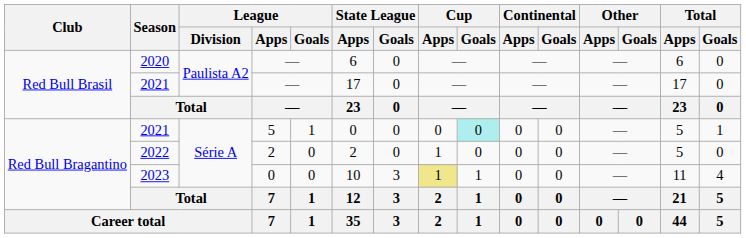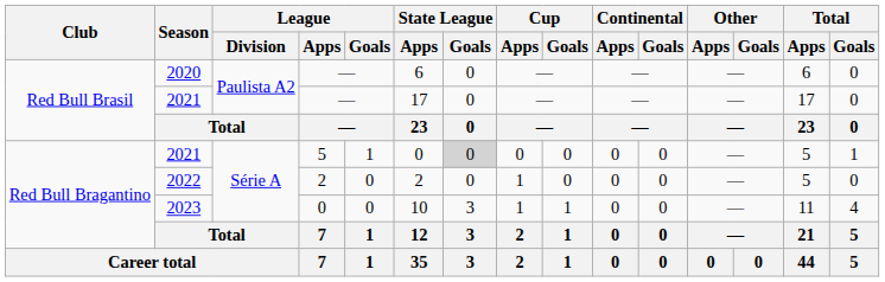 <table class="wikitable" style="text-align: center">
 <tr>
 <th rowspan="2">Club</th>
 <th rowspan="2">Season</th>
 <th colspan="3">League</th>
 <th colspan="2">State League</th>
 <th colspan="2">Cup</th>
 <th colspan="2">Continental</th>
 <th colspan="2">Other</th>
 <th colspan="2">Total</th>
 </tr>
 <tr>
 <th>Division</th>
 <th>Apps</th>
 <th>Goals</th>
 <th>Apps</th>
 <th>Goals</th>
 <th>Apps</th>
 <th>Goals</th>
 <th>Apps</th>
 <th>Goals</th>
 <th>Apps</th>
 <th>Goals</th>
 <th>Apps</th>
 <th>Goals</th>
 </tr>
 <tr>
 <td rowspan=3><a href='#'>Red Bull Brasil</a></td>
 <td><a href='#'>2020</a></td>
 <td rowspan=2><a href='#'>Paulista A2</a></td>
 <td colspan=2>—</td>
 <td>6</td>
 <td>0</td>
 <td colspan="2">—</td>
 <td colspan="2">—</td>
 <td colspan="2">—</td>
 <td>6</td>
 <td>0</td>
 </tr>
 <tr>
 <td><a href='#'>2021</a></td>
 <td colspan=2>—</td>
 <td>17</td>
 <td>0</td>
 <td colspan="2">—</td>
 <td colspan="2">—</td>
 <td colspan="2">—</td>
 <td>17</td>
 <td>0</td>
 </tr>
 <tr>
 <th colspan="2">Total</th>
 <th colspan="2">—</th>
 <th>23</th>
 <th>0</th>
 <th colspan="2">—</th>
 <th colspan="2">—</th>
 <th colspan="2">—</th>
 <th>23</th>
 <th>0</th>
 </tr>
 <tr>
 <td rowspan=4><a href='#'>Red Bull Bragantino</a></td>
 <td><a href='#'>2021</a></td>
 <td rowspan=3><a href='#'>Série A</a></td>
 <td>5</td>
 <td>1</td>
 <td>0</td>
+<td style="background: lightgrey;">0</td>
 <td>0</td>
 <td>0</td>
-<td style="background: paleturquoise;">0</td>
 <td>0</td>
 <td>0</td>
 <td colspan="2">—</td>
 <td>5</td>
 <td>1</td>
 </tr>
 <tr>
 <td><a href='#'>2022</a></td>
 <td>2</td>
 <td>0</td>
 <td>2</td>
 <td>0</td>
 <td>1</td>
 <td>0</td>
 <td>0</td>
 <td>0</td>
 <td colspan="2">—</td>
 <td>5</td>
 <td>0</td>
 </tr>
 <tr>
 <td><a href='#'>2023</a></td>
 <td>0</td>
 <td>0</td>
 <td>10</td>
 <td>3</td>
-<td style="background: khaki;">1</td>
+<td>1</td>
 <td>1</td>
 <td>0</td>
 <td>0</td>
 <td colspan="2">—</td>
 <td>11</td>
 <td>4</td>
 </tr>
 <tr>
 <th colspan="2">Total</th>
 <th>7</th>
 <th>1</th>
 <th>12</th>
 <th>3</th>
 <th>2</th>
 <th>1</th>
 <th>0</th>
 <th>0</th>
 <th colspan="2">—</th>
 <th>21</th>
 <th>5</th>
 </tr>
 <tr>
 <th colspan="3"><strong>Career total</strong></th>
 <th>7</th>
 <th>1</th>
 <th>35</th>
 <th>3</th>
 <th>2</th>
 <th>1</th>
 <th>0</th>
 <th>0</th>
 <th>0</th>
 <th>0</th>
 <th>44</th>
 <th>5</th>
 </tr>
 </table>
